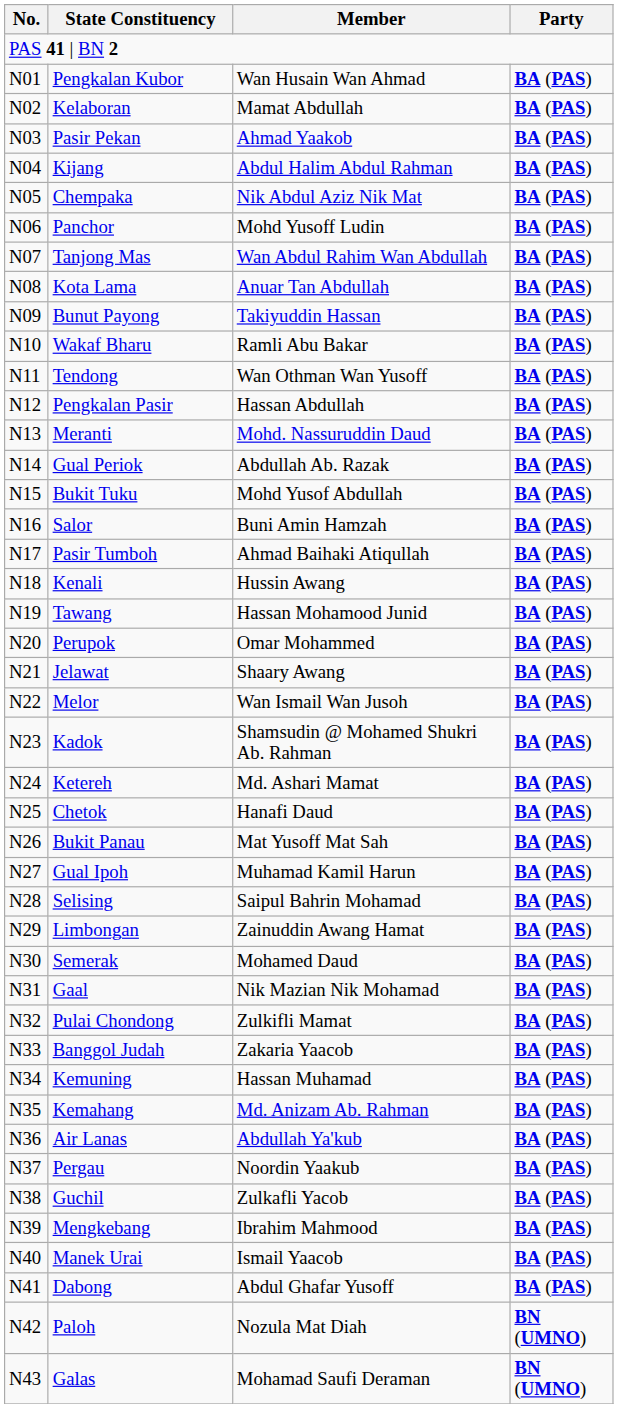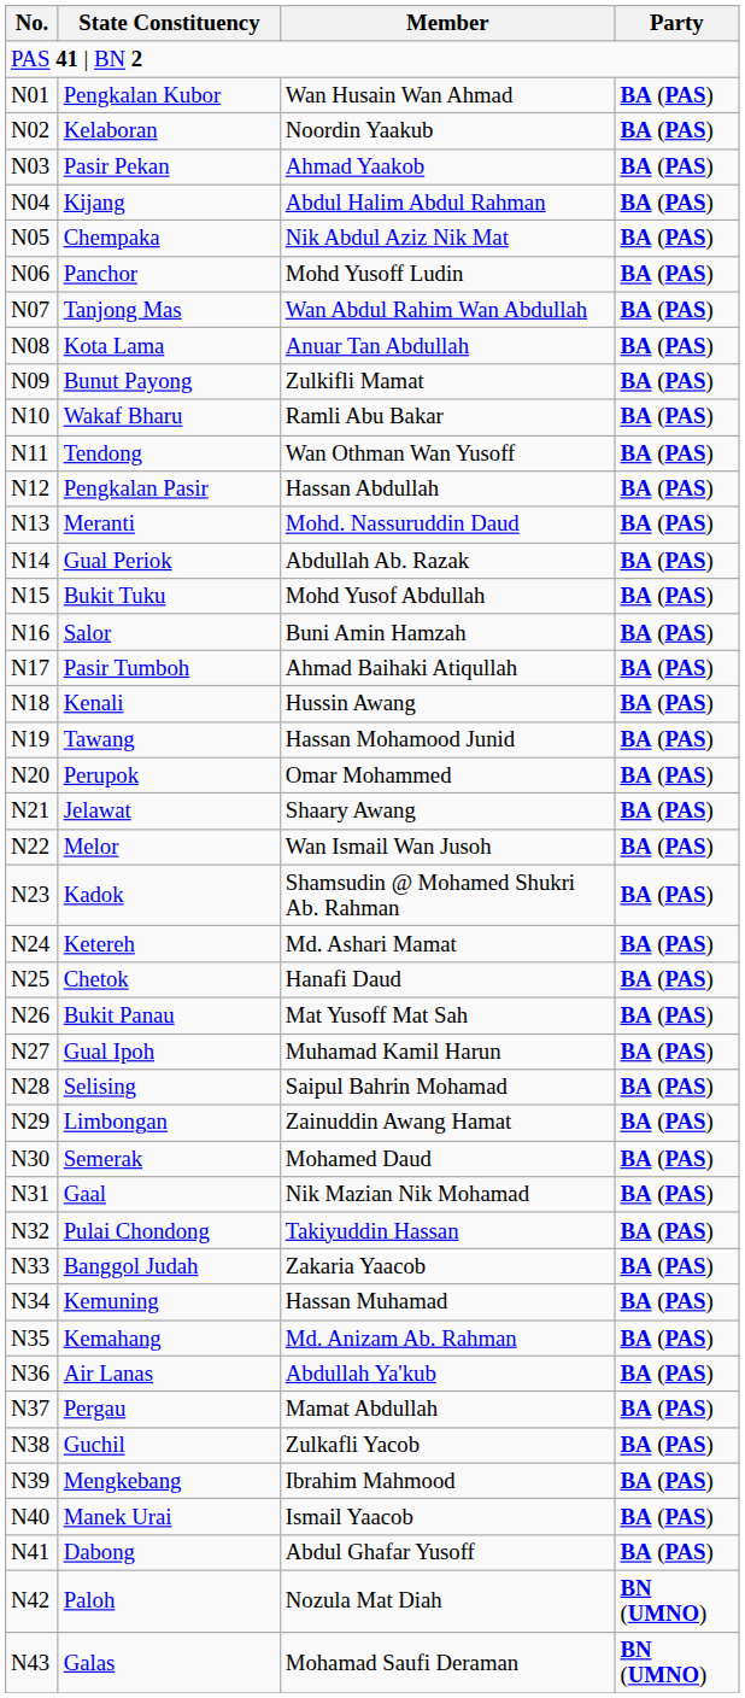 <table class="wikitable sortable">
 <tr>
 <th style="width:30px;">No.</th>
 <th style="width:150px;">State Constituency</th>
 <th style="width:230px;">Member</th>
 <th style="width:80px;">Party</th>
 </tr>
 <tr>
 <td colspan="4"><a href='#'>PAS</a> <strong>41</strong> | <a href='#'>BN</a> <strong>2</strong></td>
 </tr>
 <tr>
 <td>N01</td>
 <td><a href='#'>Pengkalan Kubor</a></td>
 <td>Wan Husain Wan Ahmad</td>
 <td><strong><a href='#'>BA</a></strong> (<strong><a href='#'>PAS</a></strong>)</td>
 </tr>
 <tr>
 <td>N02</td>
 <td><a href='#'>Kelaboran</a></td>
-<td>Mamat Abdullah</td>
+<td>Noordin Yaakub</td>
 <td><strong><a href='#'>BA</a></strong> (<strong><a href='#'>PAS</a></strong>)</td>
 </tr>
 <tr>
 <td>N03</td>
 <td><a href='#'>Pasir Pekan</a></td>
 <td><a href='#'>Ahmad Yaakob</a></td>
 <td><strong><a href='#'>BA</a></strong> (<strong><a href='#'>PAS</a></strong>)</td>
 </tr>
 <tr>
 <td>N04</td>
 <td><a href='#'>Kijang</a></td>
 <td><a href='#'>Abdul Halim Abdul Rahman</a></td>
 <td><strong><a href='#'>BA</a></strong> (<strong><a href='#'>PAS</a></strong>)</td>
 </tr>
 <tr>
 <td>N05</td>
 <td><a href='#'>Chempaka</a></td>
 <td><a href='#'>Nik Abdul Aziz Nik Mat</a></td>
 <td><strong><a href='#'>BA</a></strong> (<strong><a href='#'>PAS</a></strong>)</td>
 </tr>
 <tr>
 <td>N06</td>
 <td><a href='#'>Panchor</a></td>
 <td>Mohd Yusoff Ludin</td>
 <td><strong><a href='#'>BA</a></strong> (<strong><a href='#'>PAS</a></strong>)</td>
 </tr>
 <tr>
 <td>N07</td>
 <td><a href='#'>Tanjong Mas</a></td>
 <td><a href='#'>Wan Abdul Rahim Wan Abdullah</a></td>
 <td><strong><a href='#'>BA</a></strong> (<strong><a href='#'>PAS</a></strong>)</td>
 </tr>
 <tr>
 <td>N08</td>
 <td><a href='#'>Kota Lama</a></td>
 <td><a href='#'>Anuar Tan Abdullah</a></td>
 <td><strong><a href='#'>BA</a></strong> (<strong><a href='#'>PAS</a></strong>)</td>
 </tr>
 <tr>
 <td>N09</td>
 <td><a href='#'>Bunut Payong</a></td>
-<td><a href='#'>Takiyuddin Hassan</a></td>
+<td>Zulkifli Mamat</td>
 <td><strong><a href='#'>BA</a></strong> (<strong><a href='#'>PAS</a></strong>)</td>
 </tr>
 <tr>
 <td>N10</td>
 <td><a href='#'>Wakaf Bharu</a></td>
 <td>Ramli Abu Bakar</td>
 <td><strong><a href='#'>BA</a></strong> (<strong><a href='#'>PAS</a></strong>)</td>
 </tr>
 <tr>
 <td>N11</td>
 <td><a href='#'>Tendong</a></td>
 <td>Wan Othman Wan Yusoff</td>
 <td><strong><a href='#'>BA</a></strong> (<strong><a href='#'>PAS</a></strong>)</td>
 </tr>
 <tr>
 <td>N12</td>
 <td><a href='#'>Pengkalan Pasir</a></td>
 <td>Hassan Abdullah</td>
 <td><strong><a href='#'>BA</a></strong> (<strong><a href='#'>PAS</a></strong>)</td>
 </tr>
 <tr>
 <td>N13</td>
 <td><a href='#'>Meranti</a></td>
 <td><a href='#'>Mohd. Nassuruddin Daud</a></td>
 <td><strong><a href='#'>BA</a></strong> (<strong><a href='#'>PAS</a></strong>)</td>
 </tr>
 <tr>
 <td>N14</td>
 <td><a href='#'>Gual Periok</a></td>
 <td>Abdullah Ab. Razak</td>
 <td><strong><a href='#'>BA</a></strong> (<strong><a href='#'>PAS</a></strong>)</td>
 </tr>
 <tr>
 <td>N15</td>
 <td><a href='#'>Bukit Tuku</a></td>
 <td>Mohd Yusof Abdullah</td>
 <td><strong><a href='#'>BA</a></strong> (<strong><a href='#'>PAS</a></strong>)</td>
 </tr>
 <tr>
 <td>N16</td>
 <td><a href='#'>Salor</a></td>
 <td>Buni Amin Hamzah</td>
 <td><strong><a href='#'>BA</a></strong> (<strong><a href='#'>PAS</a></strong>)</td>
 </tr>
 <tr>
 <td>N17</td>
 <td><a href='#'>Pasir Tumboh</a></td>
 <td>Ahmad Baihaki Atiqullah</td>
 <td><strong><a href='#'>BA</a></strong> (<strong><a href='#'>PAS</a></strong>)</td>
 </tr>
 <tr>
 <td>N18</td>
 <td><a href='#'>Kenali</a></td>
 <td>Hussin Awang</td>
 <td><strong><a href='#'>BA</a></strong> (<strong><a href='#'>PAS</a></strong>)</td>
 </tr>
 <tr>
 <td>N19</td>
 <td><a href='#'>Tawang</a></td>
 <td>Hassan Mohamood Junid</td>
 <td><strong><a href='#'>BA</a></strong> (<strong><a href='#'>PAS</a></strong>)</td>
 </tr>
 <tr>
 <td>N20</td>
 <td><a href='#'>Perupok</a></td>
 <td>Omar Mohammed</td>
 <td><strong><a href='#'>BA</a></strong> (<strong><a href='#'>PAS</a></strong>)</td>
 </tr>
 <tr>
 <td>N21</td>
 <td><a href='#'>Jelawat</a></td>
 <td>Shaary Awang</td>
 <td><strong><a href='#'>BA</a></strong> (<strong><a href='#'>PAS</a></strong>)</td>
 </tr>
 <tr>
 <td>N22</td>
 <td><a href='#'>Melor</a></td>
 <td>Wan Ismail Wan Jusoh</td>
 <td><strong><a href='#'>BA</a></strong> (<strong><a href='#'>PAS</a></strong>)</td>
 </tr>
 <tr>
 <td>N23</td>
 <td><a href='#'>Kadok</a></td>
 <td>Shamsudin @ Mohamed Shukri Ab. Rahman</td>
 <td><strong><a href='#'>BA</a></strong> (<strong><a href='#'>PAS</a></strong>)</td>
 </tr>
 <tr>
 <td>N24</td>
 <td><a href='#'>Ketereh</a></td>
 <td>Md. Ashari Mamat</td>
 <td><strong><a href='#'>BA</a></strong> (<strong><a href='#'>PAS</a></strong>)</td>
 </tr>
 <tr>
 <td>N25</td>
 <td><a href='#'>Chetok</a></td>
 <td>Hanafi Daud</td>
 <td><strong><a href='#'>BA</a></strong> (<strong><a href='#'>PAS</a></strong>)</td>
 </tr>
 <tr>
 <td>N26</td>
 <td><a href='#'>Bukit Panau</a></td>
 <td>Mat Yusoff Mat Sah</td>
 <td><strong><a href='#'>BA</a></strong> (<strong><a href='#'>PAS</a></strong>)</td>
 </tr>
 <tr>
 <td>N27</td>
 <td><a href='#'>Gual Ipoh</a></td>
 <td>Muhamad Kamil Harun</td>
 <td><strong><a href='#'>BA</a></strong> (<strong><a href='#'>PAS</a></strong>)</td>
 </tr>
 <tr>
 <td>N28</td>
 <td><a href='#'>Selising</a></td>
 <td>Saipul Bahrin Mohamad</td>
 <td><strong><a href='#'>BA</a></strong> (<strong><a href='#'>PAS</a></strong>)</td>
 </tr>
 <tr>
 <td>N29</td>
 <td><a href='#'>Limbongan</a></td>
 <td>Zainuddin Awang Hamat</td>
 <td><strong><a href='#'>BA</a></strong> (<strong><a href='#'>PAS</a></strong>)</td>
 </tr>
 <tr>
 <td>N30</td>
 <td><a href='#'>Semerak</a></td>
 <td>Mohamed Daud</td>
 <td><strong><a href='#'>BA</a></strong> (<strong><a href='#'>PAS</a></strong>)</td>
 </tr>
 <tr>
 <td>N31</td>
 <td><a href='#'>Gaal</a></td>
 <td>Nik Mazian Nik Mohamad</td>
 <td><strong><a href='#'>BA</a></strong> (<strong><a href='#'>PAS</a></strong>)</td>
 </tr>
 <tr>
 <td>N32</td>
 <td><a href='#'>Pulai Chondong</a></td>
-<td>Zulkifli Mamat</td>
+<td><a href='#'>Takiyuddin Hassan</a></td>
 <td><strong><a href='#'>BA</a></strong> (<strong><a href='#'>PAS</a></strong>)</td>
 </tr>
 <tr>
 <td>N33</td>
 <td><a href='#'>Banggol Judah</a></td>
 <td>Zakaria Yaacob</td>
 <td><strong><a href='#'>BA</a></strong> (<strong><a href='#'>PAS</a></strong>)</td>
 </tr>
 <tr>
 <td>N34</td>
 <td><a href='#'>Kemuning</a></td>
 <td>Hassan Muhamad</td>
 <td><strong><a href='#'>BA</a></strong> (<strong><a href='#'>PAS</a></strong>)</td>
 </tr>
 <tr>
 <td>N35</td>
 <td><a href='#'>Kemahang</a></td>
 <td><a href='#'>Md. Anizam Ab. Rahman</a></td>
 <td><strong><a href='#'>BA</a></strong> (<strong><a href='#'>PAS</a></strong>)</td>
 </tr>
 <tr>
 <td>N36</td>
 <td><a href='#'>Air Lanas</a></td>
 <td><a href='#'>Abdullah Ya'kub</a></td>
 <td><strong><a href='#'>BA</a></strong> (<strong><a href='#'>PAS</a></strong>)</td>
 </tr>
 <tr>
 <td>N37</td>
 <td><a href='#'>Pergau</a></td>
-<td>Noordin Yaakub</td>
+<td>Mamat Abdullah</td>
 <td><strong><a href='#'>BA</a></strong> (<strong><a href='#'>PAS</a></strong>)</td>
 </tr>
 <tr>
 <td>N38</td>
 <td><a href='#'>Guchil</a></td>
 <td>Zulkafli Yacob</td>
 <td><strong><a href='#'>BA</a></strong> (<strong><a href='#'>PAS</a></strong>)</td>
 </tr>
 <tr>
 <td>N39</td>
 <td><a href='#'>Mengkebang</a></td>
 <td>Ibrahim Mahmood</td>
 <td><strong><a href='#'>BA</a></strong> (<strong><a href='#'>PAS</a></strong>)</td>
 </tr>
 <tr>
 <td>N40</td>
 <td><a href='#'>Manek Urai</a></td>
 <td>Ismail Yaacob</td>
 <td><strong><a href='#'>BA</a></strong> (<strong><a href='#'>PAS</a></strong>)</td>
 </tr>
 <tr>
 <td>N41</td>
 <td><a href='#'>Dabong</a></td>
 <td>Abdul Ghafar Yusoff</td>
 <td><strong><a href='#'>BA</a></strong> (<strong><a href='#'>PAS</a></strong>)</td>
 </tr>
 <tr>
 <td>N42</td>
 <td><a href='#'>Paloh</a></td>
 <td>Nozula Mat Diah</td>
 <td><strong><a href='#'>BN</a></strong> (<strong><a href='#'>UMNO</a></strong>)</td>
 </tr>
 <tr>
 <td>N43</td>
 <td><a href='#'>Galas</a></td>
 <td>Mohamad Saufi Deraman</td>
 <td><strong><a href='#'>BN</a></strong> (<strong><a href='#'>UMNO</a></strong>)</td>
 </tr>
 </table>
